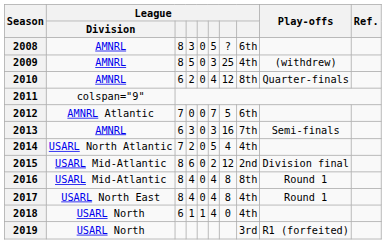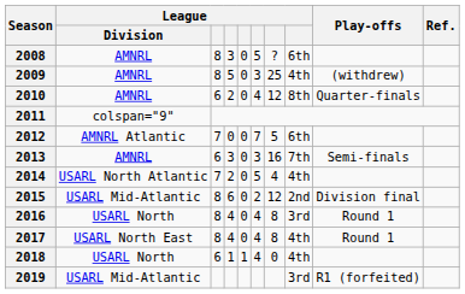 <table class="wikitable" style="text-align: center">
 <tr>
 <th rowspan="2" scope="col">Season</th>
 <th colspan="7" scope="col">League</th>
 <th rowspan="2" scope="col">Play-offs</th>
 <th rowspan="2" scope="col">Ref.</th>
 </tr>
 <tr>
 <th scope="col">Division</th>
 <th scope="col"></th>
 <th scope="col"></th>
 <th scope="col"></th>
 <th scope="col"></th>
 <th scope="col"></th>
 <th scope="col"></th>
 </tr>
 <tr>
 <th scope="row">2008</th>
 <td><a href='#'>AMNRL</a></td>
 <td>8</td>
 <td>3</td>
 <td>0</td>
 <td>5</td>
 <td>?</td>
 <td>6th</td>
 <td></td>
 <td></td>
 </tr>
 <tr>
 <th scope="row">2009</th>
 <td><a href='#'>AMNRL</a></td>
 <td>8</td>
 <td>5</td>
 <td>0</td>
 <td>3</td>
 <td>25</td>
 <td>4th</td>
 <td> (withdrew)</td>
 <td></td>
 </tr>
 <tr>
 <th scope="row">2010</th>
 <td><a href='#'>AMNRL</a></td>
 <td>6</td>
 <td>2</td>
 <td>0</td>
 <td>4</td>
 <td>12</td>
 <td>8th</td>
 <td>Quarter-finals</td>
 <td></td>
 </tr>
 <tr>
 <th scope="row">2011</th>
 <td>colspan="9" </td>
 </tr>
 <tr>
 <th scope="row">2012</th>
 <td><a href='#'>AMNRL</a> Atlantic</td>
 <td>7</td>
 <td>0</td>
 <td>0</td>
 <td>7</td>
 <td>5</td>
 <td>6th</td>
 <td></td>
 <td></td>
 </tr>
 <tr>
 <th scope="row">2013</th>
 <td><a href='#'>AMNRL</a></td>
 <td>6</td>
 <td>3</td>
 <td>0</td>
 <td>3</td>
 <td>16</td>
 <td>7th</td>
 <td>Semi-finals</td>
 <td></td>
 </tr>
 <tr>
 <th scope="row">2014</th>
 <td><a href='#'>USARL</a> North Atlantic</td>
 <td>7</td>
 <td>2</td>
 <td>0</td>
 <td>5</td>
 <td>4</td>
 <td>4th</td>
 <td></td>
 <td></td>
 </tr>
 <tr>
 <th scope="row">2015</th>
 <td><a href='#'>USARL</a> Mid-Atlantic</td>
 <td>8</td>
 <td>6</td>
 <td>0</td>
 <td>2</td>
 <td>12</td>
 <td>2nd</td>
 <td>Division final</td>
 <td></td>
 </tr>
 <tr>
 <th scope="row">2016</th>
-<td><a href='#'>USARL</a> Mid-Atlantic</td>
+<td><a href='#'>USARL</a> North</td>
 <td>8</td>
 <td>4</td>
 <td>0</td>
 <td>4</td>
 <td>8</td>
-<td>8th</td>
+<td>3rd</td>
 <td>Round 1</td>
 <td></td>
 </tr>
 <tr>
 <th scope="row">2017</th>
 <td><a href='#'>USARL</a> North East</td>
 <td>8</td>
 <td>4</td>
 <td>0</td>
 <td>4</td>
 <td>8</td>
 <td>4th</td>
 <td>Round 1</td>
 <td></td>
 </tr>
 <tr>
 <th scope="row">2018</th>
 <td><a href='#'>USARL</a> North</td>
 <td>6</td>
 <td>1</td>
 <td>1</td>
 <td>4</td>
 <td>0</td>
 <td>4th</td>
 <td></td>
 <td></td>
 </tr>
 <tr>
 <th scope="row">2019</th>
-<td><a href='#'>USARL</a> North</td>
+<td><a href='#'>USARL</a> Mid-Atlantic</td>
 <td></td>
 <td></td>
 <td></td>
 <td></td>
 <td></td>
 <td>3rd</td>
 <td>R1 (forfeited)</td>
 <td></td>
 </tr>
 </table>
